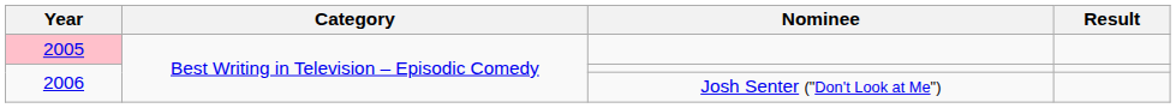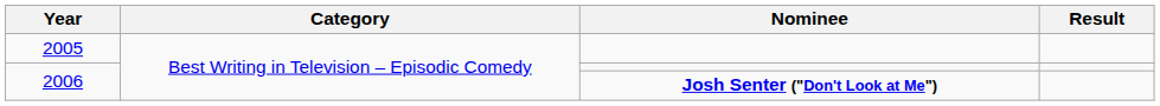 <table class="wikitable" width="80%">
 <tr>
 <th width="10%">Year</th>
 <th width="40%">Category</th>
 <th width="40%">Nominee</th>
 <th width="10%">Result</th>
 </tr>
 <tr>
-<td align="center" style="background: pink;"><a href='#'>2005</a></td>
+<td align="center"><a href='#'>2005</a></td>
 <td rowspan="3" align="center"><a href='#'>Best Writing in Television – Episodic Comedy</a></td>
 <td align="center"></td>
 <td></td>
 </tr>
 <tr>
 <td rowspan="2" align="center"><a href='#'>2006</a></td>
 <td align="center"></td>
 <td></td>
 </tr>
 <tr>
-<td align="center"><a href='#'>Josh Senter</a> <small>("<a href='#'>Don't Look at Me</a>")</small></td>
+<td align="center"><strong><a href='#'>Josh Senter</a> <small>("<a href='#'>Don't Look at Me</a>")</small></strong></td>
 <td></td>
 </tr>
 </table>
